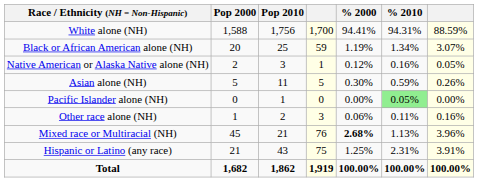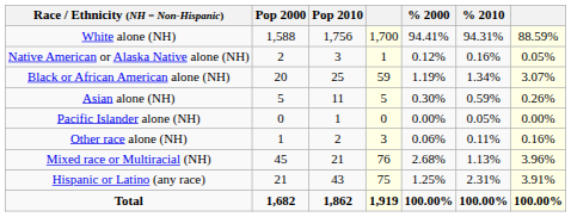 <table class="wikitable" style="text-align:center;">
 <tr>
 <th>Race / Ethnicity <small>(<em>NH = Non-Hispanic</em>)</small></th>
 <th>Pop 2000</th>
 <th>Pop 2010</th>
 <th></th>
 <th>% 2000</th>
 <th>% 2010</th>
 <th></th>
 </tr>
 <tr>
 <td><a href='#'>White</a> alone (NH)</td>
 <td>1,588</td>
 <td>1,756</td>
 <td style='background: #ffffe6;'>1,700</td>
 <td>94.41%</td>
 <td>94.31%</td>
 <td style='background: #ffffe6;'>88.59%</td>
 </tr>
 <tr>
+<td><a href='#'>Native American</a> or <a href='#'>Alaska Native</a> alone (NH)</td>
+<td>2</td>
+<td>3</td>
+<td style='background: #ffffe6;'>1</td>
+<td>0.12%</td>
+<td>0.16%</td>
+<td style='background: #ffffe6;'>0.05%</td>
+</tr>
+<tr>
 <td><a href='#'>Black or African American</a> alone (NH)</td>
 <td>20</td>
 <td>25</td>
 <td style='background: #ffffe6;'>59</td>
 <td>1.19%</td>
 <td>1.34%</td>
 <td style='background: #ffffe6;'>3.07%</td>
-</tr>
-<tr>
-<td><a href='#'>Native American</a> or <a href='#'>Alaska Native</a> alone (NH)</td>
-<td>2</td>
-<td>3</td>
-<td style='background: #ffffe6;'>1</td>
-<td>0.12%</td>
-<td>0.16%</td>
-<td style='background: #ffffe6;'>0.05%</td>
 </tr>
 <tr>
 <td><a href='#'>Asian</a> alone (NH)</td>
 <td>5</td>
 <td>11</td>
 <td style='background: #ffffe6;'>5</td>
 <td>0.30%</td>
 <td>0.59%</td>
 <td style='background: #ffffe6;'>0.26%</td>
 </tr>
 <tr>
 <td><a href='#'>Pacific Islander</a> alone (NH)</td>
 <td>0</td>
 <td>1</td>
 <td style='background: #ffffe6;'>0</td>
 <td>0.00%</td>
-<td style="background: lightgreen;">0.05%</td>
+<td>0.05%</td>
 <td style='background: #ffffe6;'>0.00%</td>
 </tr>
 <tr>
 <td><a href='#'>Other race</a> alone (NH)</td>
 <td>1</td>
 <td>2</td>
 <td style='background: #ffffe6;'>3</td>
 <td>0.06%</td>
 <td>0.11%</td>
 <td style='background: #ffffe6;'>0.16%</td>
 </tr>
 <tr>
 <td><a href='#'>Mixed race or Multiracial</a> (NH)</td>
 <td>45</td>
 <td>21</td>
 <td style='background: #ffffe6;'>76</td>
-<td><strong>2.68%</strong></td>
+<td>2.68%</td>
 <td>1.13%</td>
 <td style='background: #ffffe6;'>3.96%</td>
 </tr>
 <tr>
 <td><a href='#'>Hispanic or Latino</a> (any race)</td>
 <td>21</td>
 <td>43</td>
 <td style='background: #ffffe6;'>75</td>
 <td>1.25%</td>
 <td>2.31%</td>
 <td style='background: #ffffe6;'>3.91%</td>
 </tr>
 <tr>
 <td><strong>Total</strong></td>
 <td><strong>1,682</strong></td>
 <td><strong>1,862</strong></td>
 <td style='background: #ffffe6;'><strong>1,919</strong></td>
 <td><strong>100.00%</strong></td>
 <td><strong>100.00%</strong></td>
 <td style='background: #ffffe6;'><strong>100.00%</strong></td>
 </tr>
 </table>
